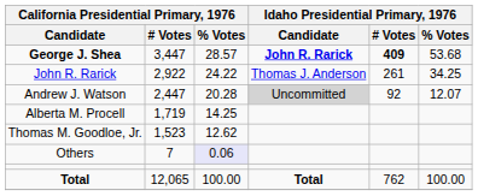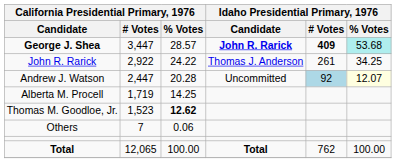 <table class=wikitable style="text-align:center;">
 <tr bgcolor=lightgrey>
 <th colspan="3">California Presidential Primary, 1976 </th>
 <th colspan="3">Idaho Presidential Primary, 1976 </th>
 </tr>
 <tr bgcolor=lightgrey>
 <th>Candidate</th>
 <th># Votes</th>
 <th>% Votes</th>
 <th>Candidate</th>
 <th># Votes</th>
 <th>% Votes</th>
 </tr>
 <tr>
 <td><strong>George J. Shea</strong></td>
 <td>3,447</td>
 <td>28.57</td>
 <td><strong><a href='#'>John R. Rarick</a></strong></td>
 <td><strong>409</strong></td>
-<td>53.68</td>
+<td style="background: paleturquoise;">53.68</td>
 </tr>
 <tr>
 <td><a href='#'>John R. Rarick</a></td>
 <td>2,922</td>
 <td>24.22</td>
 <td><a href='#'>Thomas J. Anderson</a></td>
 <td>261</td>
 <td>34.25</td>
 </tr>
 <tr>
 <td>Andrew J. Watson</td>
 <td>2,447</td>
 <td>20.28</td>
-<td style="background: lightgrey;">Uncommitted</td>
-<td>92</td>
-<td>12.07</td>
+<td>Uncommitted</td>
+<td style="background: lightblue;">92</td>
+<td style="background: lightyellow;">12.07</td>
 </tr>
 <tr>
 <td>Alberta M. Procell</td>
 <td>1,719</td>
 <td>14.25</td>
 <td></td>
 <td></td>
 <td></td>
 </tr>
 <tr>
 <td>Thomas M. Goodloe, Jr.</td>
 <td>1,523</td>
-<td>12.62</td>
+<td><strong>12.62</strong></td>
 <td></td>
 <td></td>
 <td></td>
 </tr>
 <tr>
 <td>Others</td>
 <td>7</td>
-<td style="background: lavender;">0.06</td>
+<td>0.06</td>
 <td></td>
 <td></td>
 <td></td>
 </tr>
 <tr>
 <td></td>
 <td></td>
 <td></td>
 <td></td>
 <td></td>
 <td></td>
 </tr>
 <tr>
 <td><strong>Total</strong></td>
 <td>12,065</td>
 <td>100.00</td>
 <td><strong>Total</strong></td>
 <td>762</td>
 <td>100.00</td>
 </tr>
 <tr>
 </tr>
 </table>
